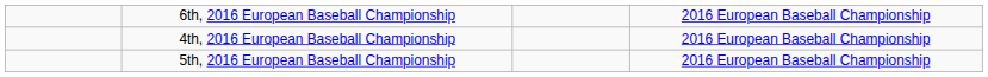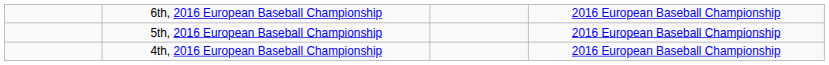 <table class="wikitable" width=70%>
 <tr align=center>
 <td width=125px></td>
 <td>6th, <a href='#'>2016 European Baseball Championship</a></td>
 <td width=125px></td>
 <td> <a href='#'>2016 European Baseball Championship</a></td>
 </tr>
 <tr align=center>
 <td></td>
-<td>4th, <a href='#'>2016 European Baseball Championship</a></td>
+<td>5th, <a href='#'>2016 European Baseball Championship</a></td>
 <td></td>
 <td> <a href='#'>2016 European Baseball Championship</a></td>
 </tr>
 <tr align=center>
 <td></td>
-<td>5th, <a href='#'>2016 European Baseball Championship</a></td>
+<td>4th, <a href='#'>2016 European Baseball Championship</a></td>
 <td></td>
 <td> <a href='#'>2016 European Baseball Championship</a></td>
 </tr>
 </table>
